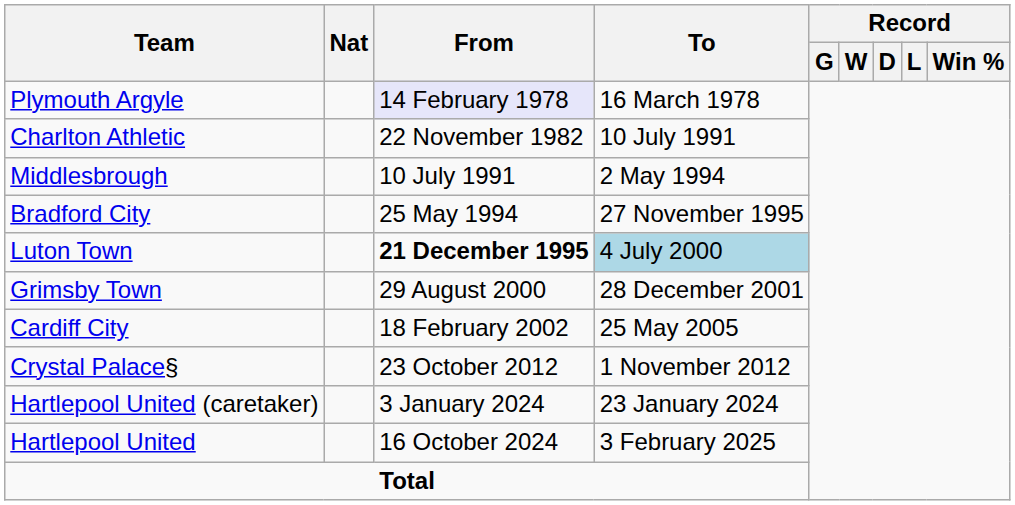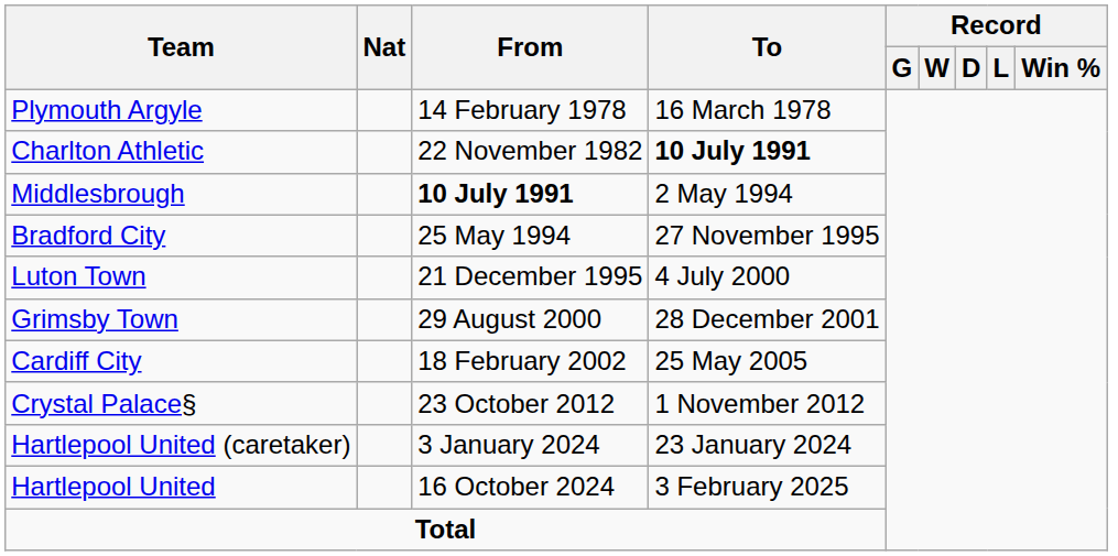 <table class="wikitable" style="text-align: center;">
 <tr>
 <th rowspan="2">Team</th>
 <th rowspan="2">Nat</th>
 <th rowspan="2">From</th>
 <th rowspan="2">To</th>
 <th colspan="5">Record</th>
 </tr>
 <tr>
 <th>G</th>
 <th>W</th>
 <th>D</th>
 <th>L</th>
 <th>Win %</th>
 </tr>
 <tr>
 <td align=left><a href='#'>Plymouth Argyle</a></td>
 <td></td>
-<td align=left style="background: lavender;">14 February 1978</td>
+<td align=left>14 February 1978</td>
 <td align=left>16 March 1978<br></td>
 </tr>
 <tr>
 <td align=left><a href='#'>Charlton Athletic</a></td>
 <td></td>
 <td align=left>22 November 1982</td>
-<td align=left>10 July 1991<br></td>
+<td align=left><strong>10 July 1991<br></strong></td>
 </tr>
 <tr>
 <td align=left><a href='#'>Middlesbrough</a></td>
 <td></td>
-<td align=left>10 July 1991</td>
+<td align=left><strong>10 July 1991</strong></td>
 <td align=left>2 May 1994<br></td>
 </tr>
 <tr>
 <td align=left><a href='#'>Bradford City</a></td>
 <td></td>
 <td align=left>25 May 1994</td>
 <td align=left>27 November 1995<br></td>
 </tr>
 <tr>
 <td align=left><a href='#'>Luton Town</a></td>
 <td></td>
-<td align=left><strong>21 December 1995</strong></td>
-<td align=left style="background: lightblue;">4 July 2000<br></td>
+<td align=left>21 December 1995</td>
+<td align=left>4 July 2000<br></td>
 </tr>
 <tr>
 <td align=left><a href='#'>Grimsby Town</a></td>
 <td></td>
 <td align=left>29 August 2000</td>
 <td align=left>28 December 2001<br></td>
 </tr>
 <tr>
 <td align=left><a href='#'>Cardiff City</a></td>
 <td></td>
 <td align=left>18 February 2002</td>
 <td align=left>25 May 2005<br></td>
 </tr>
 <tr>
 <td align=left><a href='#'>Crystal Palace</a>§</td>
 <td></td>
 <td align=left>23 October 2012</td>
 <td align=left>1 November 2012<br></td>
 </tr>
 <tr>
 <td align=left><a href='#'>Hartlepool United</a> (caretaker)</td>
 <td></td>
 <td align=left>3 January 2024</td>
 <td align=left>23 January 2024<br></td>
 </tr>
 <tr>
 <td align=left><a href='#'>Hartlepool United</a></td>
 <td></td>
 <td align=left>16 October 2024</td>
 <td align=left>3 February 2025<br></td>
 </tr>
 <tr>
 <td colspan="4"><strong>Total</strong><br></td>
 </tr>
 </table>
